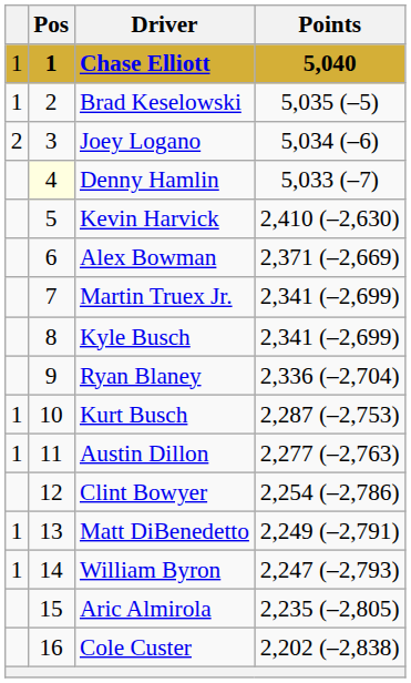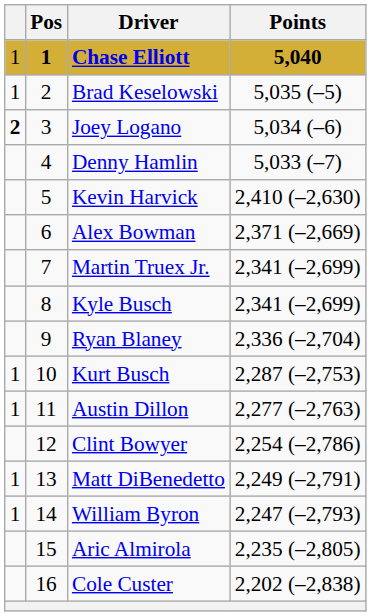 <table class="wikitable" style="font-size: 95%">
 <tr>
 <th></th>
 <th>Pos</th>
 <th>Driver</th>
 <th>Points</th>
 </tr>
 <tr style="background:#D4AF37;">
 <td align="left"> 1</td>
 <td style="text-align:center;"><strong>1</strong></td>
 <td><strong><a href='#'>Chase Elliott</a></strong></td>
 <td style="text-align:center;"><strong>5,040</strong></td>
 </tr>
 <tr>
 <td align="left"> 1</td>
 <td style="text-align:center;">2</td>
 <td><a href='#'>Brad Keselowski</a></td>
 <td style="text-align:center;">5,035 (–5)</td>
 </tr>
 <tr>
-<td align="left"> 2</td>
+<td align="left"><strong> 2</strong></td>
 <td style="text-align:center;">3</td>
 <td><a href='#'>Joey Logano</a></td>
 <td style="text-align:center;">5,034 (–6)</td>
 </tr>
 <tr>
 <td align="left"></td>
-<td style="background: lightyellow; text-align:center;">4</td>
+<td style="text-align:center;">4</td>
 <td><a href='#'>Denny Hamlin</a></td>
 <td style="text-align:center;">5,033 (–7)</td>
 </tr>
 <tr>
 <td align="left"></td>
 <td style="text-align:center;">5</td>
 <td><a href='#'>Kevin Harvick</a></td>
 <td style="text-align:center;">2,410 (–2,630)</td>
 </tr>
 <tr>
 <td align="left"></td>
 <td style="text-align:center;">6</td>
 <td><a href='#'>Alex Bowman</a></td>
 <td style="text-align:center;">2,371 (–2,669)</td>
 </tr>
 <tr>
 <td align="left"></td>
 <td style="text-align:center;">7</td>
 <td><a href='#'>Martin Truex Jr.</a></td>
 <td style="text-align:center;">2,341 (–2,699)</td>
 </tr>
 <tr>
 <td align="left"></td>
 <td style="text-align:center;">8</td>
 <td><a href='#'>Kyle Busch</a></td>
 <td style="text-align:center;">2,341 (–2,699)</td>
 </tr>
 <tr>
 <td align="left"></td>
 <td style="text-align:center;">9</td>
 <td><a href='#'>Ryan Blaney</a></td>
 <td style="text-align:center;">2,336 (–2,704)</td>
 </tr>
 <tr>
 <td align="left"> 1</td>
 <td style="text-align:center;">10</td>
 <td><a href='#'>Kurt Busch</a></td>
 <td style="text-align:center;">2,287 (–2,753)</td>
 </tr>
 <tr>
 <td align="left"> 1</td>
 <td style="text-align:center;">11</td>
 <td><a href='#'>Austin Dillon</a></td>
 <td style="text-align:center;">2,277 (–2,763)</td>
 </tr>
 <tr>
 <td align="left"></td>
 <td style="text-align:center;">12</td>
 <td><a href='#'>Clint Bowyer</a></td>
 <td style="text-align:center;">2,254 (–2,786)</td>
 </tr>
 <tr>
 <td align="left"> 1</td>
 <td style="text-align:center;">13</td>
 <td><a href='#'>Matt DiBenedetto</a></td>
 <td style="text-align:center;">2,249 (–2,791)</td>
 </tr>
 <tr>
 <td align="left"> 1</td>
 <td style="text-align:center;">14</td>
 <td><a href='#'>William Byron</a></td>
 <td style="text-align:center;">2,247 (–2,793)</td>
 </tr>
 <tr>
 <td align="left"></td>
 <td style="text-align:center;">15</td>
 <td><a href='#'>Aric Almirola</a></td>
 <td style="text-align:center;">2,235 (–2,805)</td>
 </tr>
 <tr>
 <td align="left"></td>
 <td style="text-align:center;">16</td>
 <td><a href='#'>Cole Custer</a></td>
 <td style="text-align:center;">2,202 (–2,838)</td>
 </tr>
 <tr class="sortbottom">
 <th colspan="9"></th>
 </tr>
 </table>
